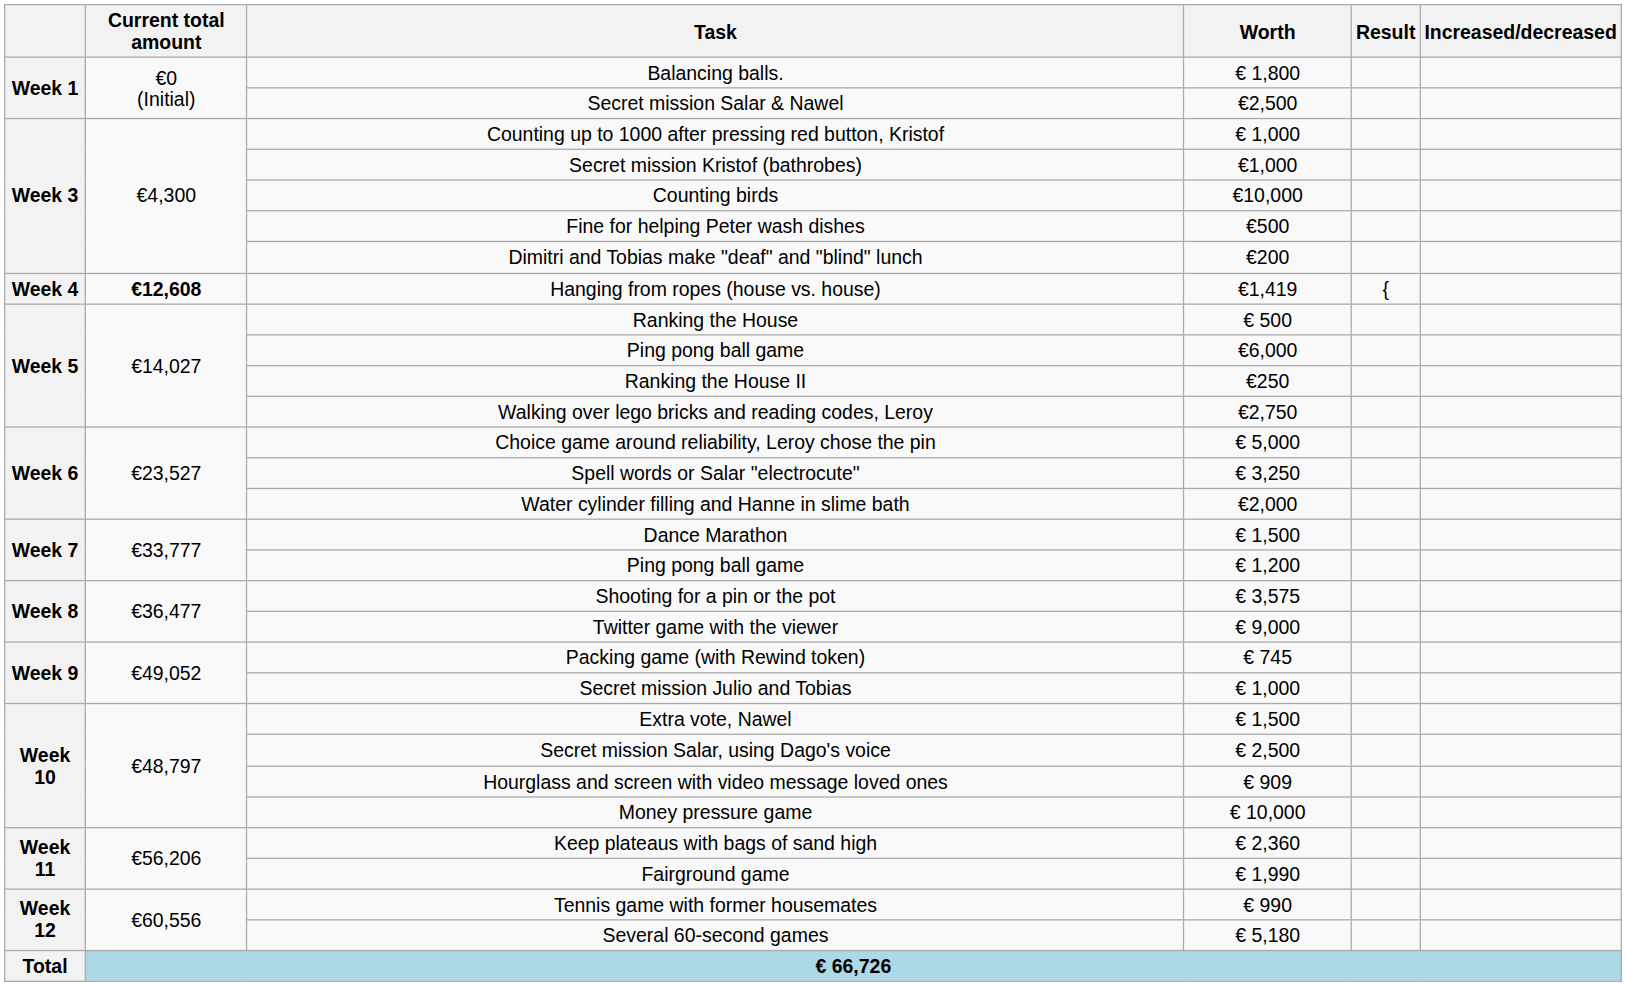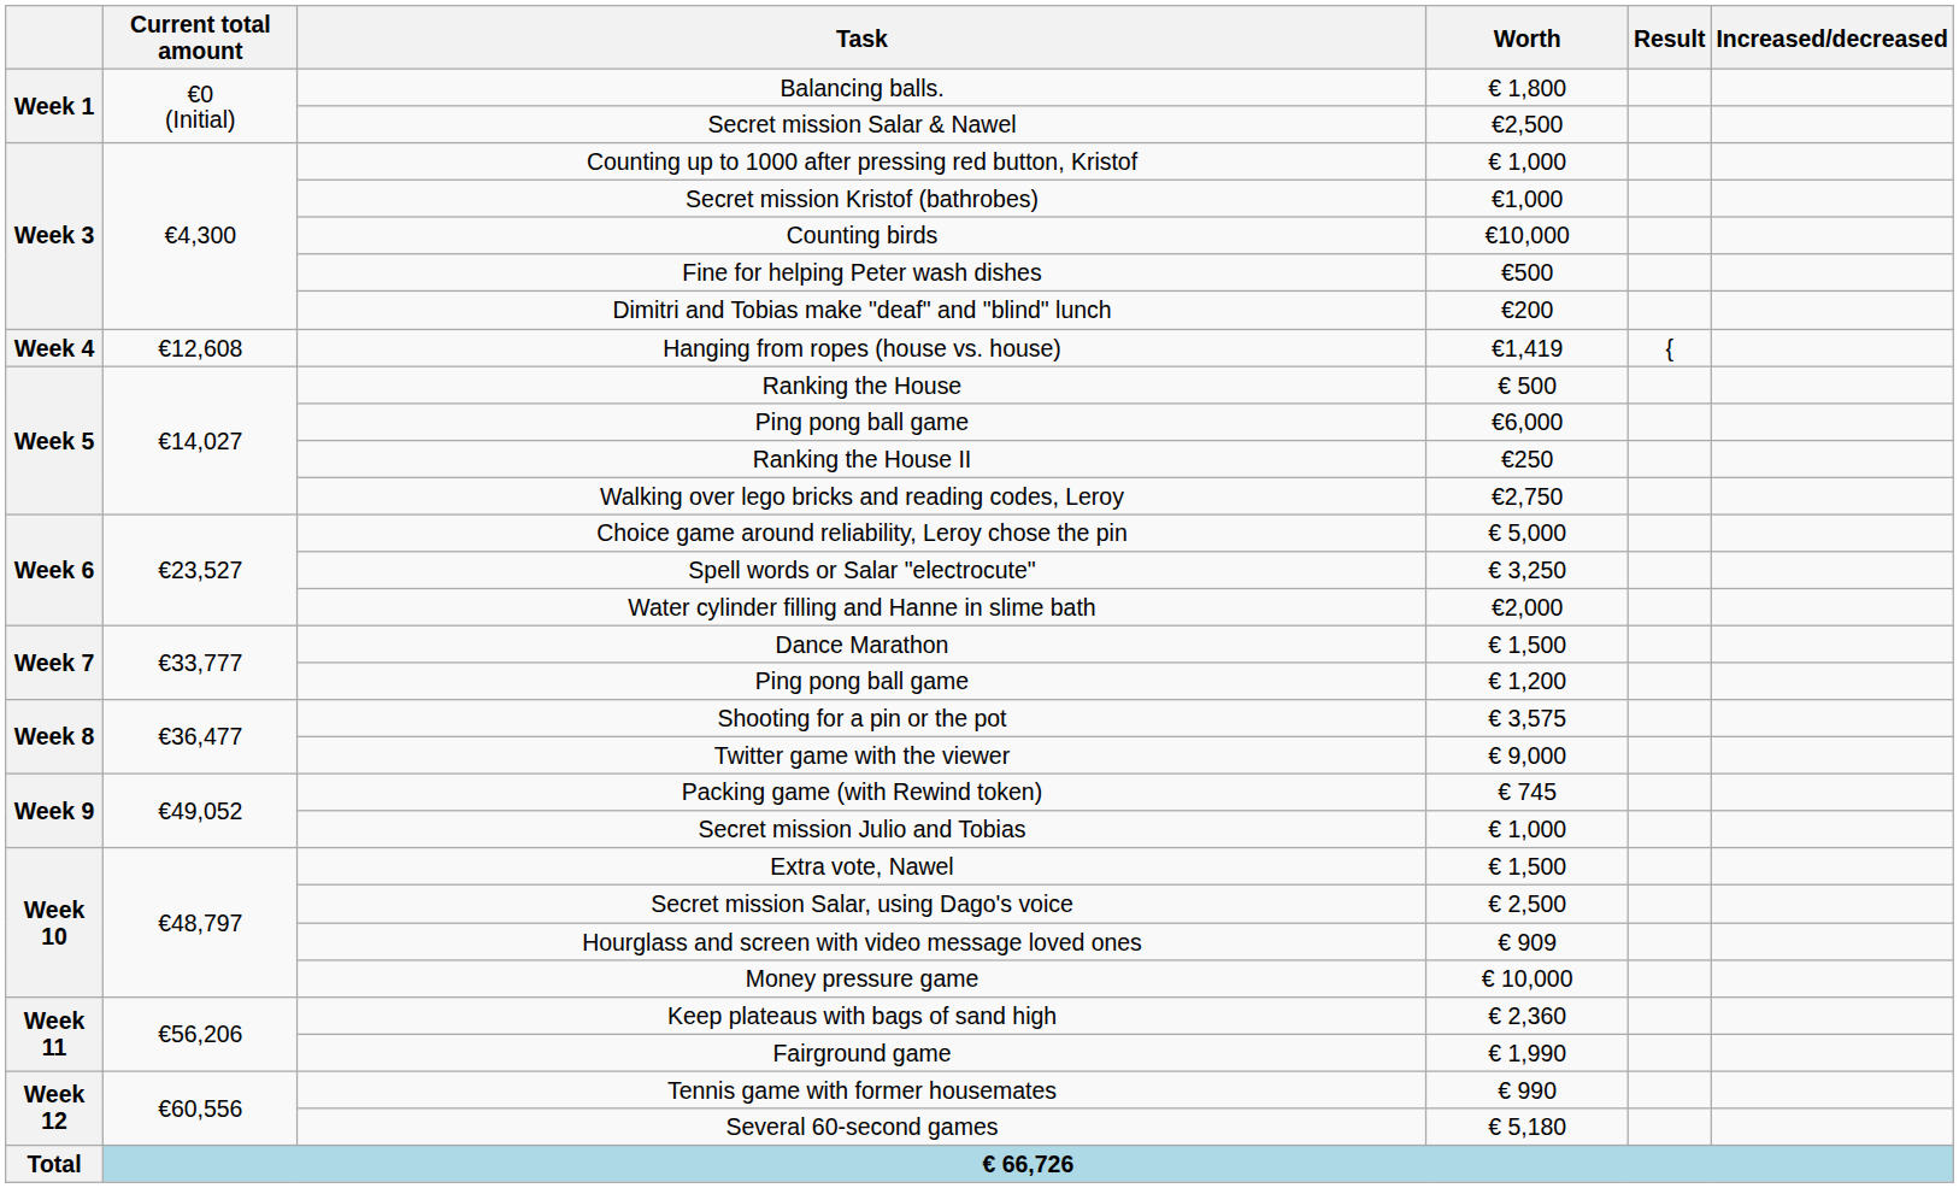 <table class="wikitable" style="text-align:center; font-size:95%; width:auto; margin:1em auto;">
 <tr>
 <th width=5%></th>
 <th width=10%>Current total amount</th>
 <th width=auto>Task</th>
 <th width=auto>Worth</th>
 <th width=1%>Result</th>
 <th width=10%>Increased/decreased</th>
 </tr>
 <tr>
 <th rowspan="2">Week 1</th>
 <td rowspan="2">€0<br>(Initial)</td>
 <td>Balancing balls.</td>
 <td>€ 1,800</td>
 <td></td>
 <td></td>
 </tr>
 <tr>
 <td>Secret mission Salar & Nawel</td>
 <td>€2,500</td>
 <td></td>
 <td></td>
 </tr>
 <tr>
 <th rowspan="5">Week 3</th>
 <td rowspan="5">€4,300</td>
 <td>Counting up to 1000 after pressing red button, Kristof</td>
 <td>€ 1,000</td>
 <td></td>
 <td></td>
 </tr>
 <tr>
 <td>Secret mission Kristof (bathrobes)</td>
 <td>€1,000</td>
 <td></td>
 <td></td>
 </tr>
 <tr>
 <td>Counting birds</td>
 <td>€10,000</td>
 <td></td>
 <td></td>
 </tr>
 <tr>
 <td>Fine for helping Peter wash dishes</td>
 <td>€500</td>
 <td></td>
 <td></td>
 </tr>
 <tr>
 <td>Dimitri and Tobias make "deaf" and "blind" lunch</td>
 <td>€200</td>
 <td></td>
 <td></td>
 </tr>
 <tr>
 <th>Week 4</th>
-<td><strong>€12,608</strong></td>
+<td>€12,608</td>
 <td>Hanging from ropes (house vs. house)</td>
 <td>€1,419</td>
 <td>{</td>
 <td></td>
 </tr>
 <tr>
 <th rowspan="4">Week 5</th>
 <td rowspan="4">€14,027</td>
 <td>Ranking the House</td>
 <td>€ 500</td>
 <td></td>
 <td></td>
 </tr>
 <tr>
 <td>Ping pong ball game</td>
 <td>€6,000</td>
 <td></td>
 <td></td>
 </tr>
 <tr>
 <td>Ranking the House II</td>
 <td>€250</td>
 <td></td>
 <td></td>
 </tr>
 <tr>
 <td>Walking over lego bricks and reading codes, Leroy</td>
 <td>€2,750</td>
 <td></td>
 <td></td>
 </tr>
 <tr>
 <th rowspan="3">Week 6</th>
 <td rowspan="3">€23,527</td>
 <td>Choice game around reliability, Leroy chose the pin</td>
 <td>€ 5,000</td>
 <td></td>
 <td></td>
 </tr>
 <tr>
 <td>Spell words or Salar "electrocute"</td>
 <td>€ 3,250</td>
 <td></td>
 <td></td>
 </tr>
 <tr>
 <td>Water cylinder filling and Hanne in slime bath</td>
 <td>€2,000</td>
 <td></td>
 <td></td>
 </tr>
 <tr>
 <th rowspan="2">Week 7</th>
 <td rowspan="2">€33,777</td>
 <td>Dance Marathon</td>
 <td>€ 1,500</td>
 <td></td>
 <td></td>
 </tr>
 <tr>
 <td>Ping pong ball game</td>
 <td>€ 1,200</td>
 <td></td>
 <td></td>
 </tr>
 <tr>
 <th rowspan="2">Week 8</th>
 <td rowspan="2">€36,477</td>
 <td>Shooting for a pin or the pot</td>
 <td>€ 3,575</td>
 <td></td>
 <td></td>
 </tr>
 <tr>
 <td>Twitter game with the viewer</td>
 <td>€ 9,000</td>
 <td></td>
 <td></td>
 </tr>
 <tr>
 <th rowspan="2">Week 9</th>
 <td rowspan="2">€49,052</td>
 <td>Packing game (with Rewind token)</td>
 <td>€ 745</td>
 <td></td>
 <td></td>
 </tr>
 <tr>
 <td>Secret mission Julio and Tobias</td>
 <td>€ 1,000</td>
 <td></td>
 <td></td>
 </tr>
 <tr>
 <th rowspan="4">Week 10</th>
 <td rowspan="4">€48,797</td>
 <td>Extra vote, Nawel</td>
 <td>€ 1,500</td>
 <td></td>
 <td></td>
 </tr>
 <tr>
 <td>Secret mission Salar, using Dago's voice</td>
 <td>€ 2,500</td>
 <td></td>
 <td></td>
 </tr>
 <tr>
 <td>Hourglass and screen with video message loved ones</td>
 <td>€ 909</td>
 <td></td>
 <td></td>
 </tr>
 <tr>
 <td>Money pressure game</td>
 <td>€ 10,000</td>
 <td></td>
 <td></td>
 </tr>
 <tr>
 <th rowspan="2">Week 11</th>
 <td rowspan="2">€56,206</td>
 <td>Keep plateaus with bags of sand high</td>
 <td>€ 2,360</td>
 <td></td>
 <td></td>
 </tr>
 <tr>
 <td>Fairground game</td>
 <td>€ 1,990</td>
 <td></td>
 <td></td>
 </tr>
 <tr>
 <th rowspan="2">Week 12</th>
 <td rowspan="2">€60,556</td>
 <td>Tennis game with former housemates</td>
 <td>€ 990</td>
 <td></td>
 <td></td>
 </tr>
 <tr>
 <td>Several 60-second games</td>
 <td>€ 5,180</td>
 <td></td>
 <td></td>
 </tr>
 <tr>
 <th>Total</th>
 <th colspan="5" style="background:lightblue;">€ 66,726</th>
 </tr>
 </table>
